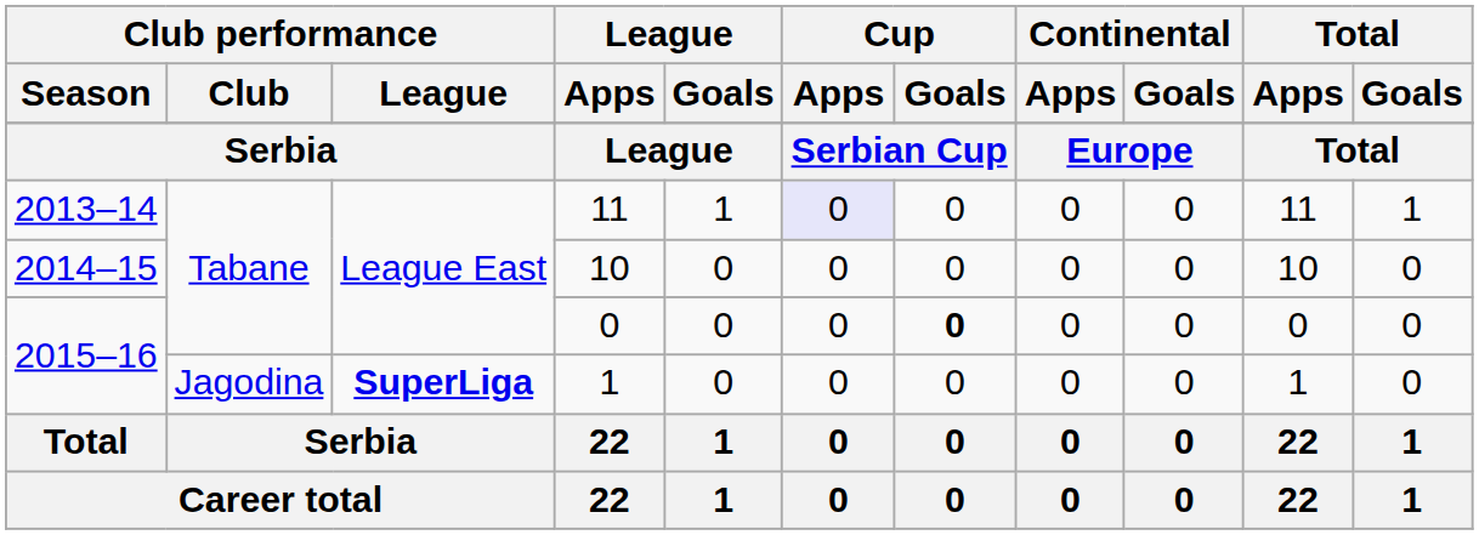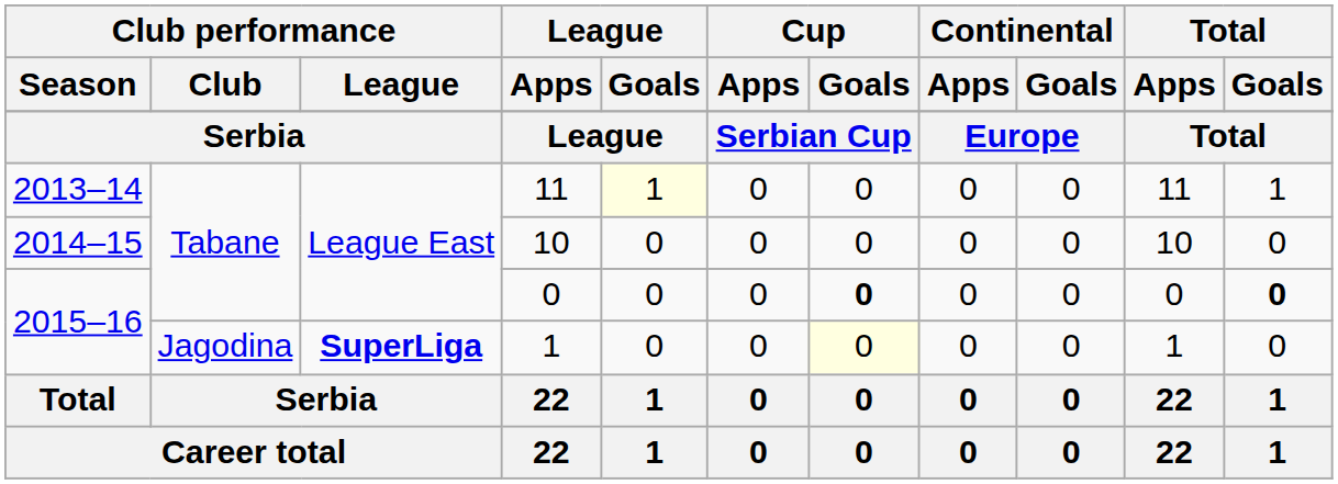 <table class="wikitable" style="text-align:center">
 <tr>
 <th colspan=3>Club performance</th>
 <th colspan=2>League</th>
 <th colspan=2>Cup</th>
 <th colspan=2>Continental</th>
 <th colspan=2>Total</th>
 </tr>
 <tr>
 <th>Season</th>
 <th>Club</th>
 <th>League</th>
 <th>Apps</th>
 <th>Goals</th>
 <th>Apps</th>
 <th>Goals</th>
 <th>Apps</th>
 <th>Goals</th>
 <th>Apps</th>
 <th>Goals</th>
 </tr>
 <tr>
 </tr>
 <tr>
 <th colspan=3>Serbia</th>
 <th colspan=2>League</th>
 <th colspan=2><a href='#'>Serbian Cup</a></th>
 <th colspan=2><a href='#'>Europe</a></th>
 <th colspan=2>Total</th>
 </tr>
 <tr>
 <td><a href='#'>2013–14</a></td>
 <td rowspan="3"><a href='#'>Tabane</a></td>
 <td rowspan="3"><a href='#'>League East</a></td>
 <td>11</td>
-<td>1</td>
-<td style="background: lavender;">0</td>
+<td style="background: lightyellow;">1</td>
+<td>0</td>
 <td>0</td>
 <td>0</td>
 <td>0</td>
 <td>11</td>
 <td>1</td>
 </tr>
 <tr>
 <td><a href='#'>2014–15</a></td>
 <td>10</td>
 <td>0</td>
 <td>0</td>
 <td>0</td>
 <td>0</td>
 <td>0</td>
 <td>10</td>
 <td>0</td>
 </tr>
 <tr>
 <td rowspan="2"><a href='#'>2015–16</a></td>
 <td>0</td>
 <td>0</td>
 <td>0</td>
 <td><strong>0</strong></td>
 <td>0</td>
 <td>0</td>
 <td>0</td>
-<td>0</td>
+<td><strong>0</strong></td>
 </tr>
 <tr>
 <td><a href='#'>Jagodina</a></td>
 <td><strong><a href='#'>SuperLiga</a></strong></td>
 <td>1</td>
 <td>0</td>
 <td>0</td>
-<td>0</td>
+<td style="background: lightyellow;">0</td>
 <td>0</td>
 <td>0</td>
 <td>1</td>
 <td>0</td>
 </tr>
 <tr>
 <th rowspan=1>Total</th>
 <th colspan=2>Serbia</th>
 <th>22</th>
 <th>1</th>
 <th>0</th>
 <th>0</th>
 <th>0</th>
 <th>0</th>
 <th>22</th>
 <th>1</th>
 </tr>
 <tr>
 <th colspan=3>Career total</th>
 <th>22</th>
 <th>1</th>
 <th>0</th>
 <th>0</th>
 <th>0</th>
 <th>0</th>
 <th>22</th>
 <th>1</th>
 </tr>
 </table>
